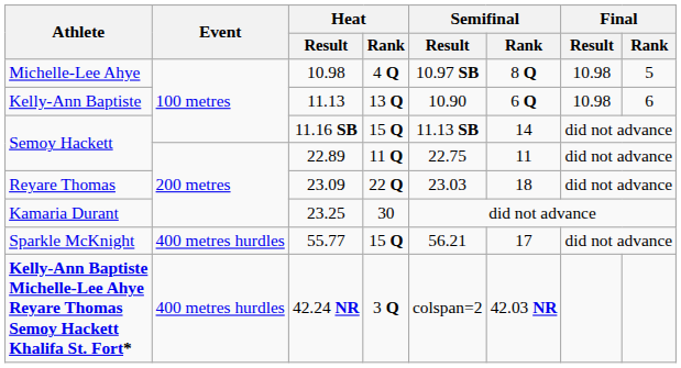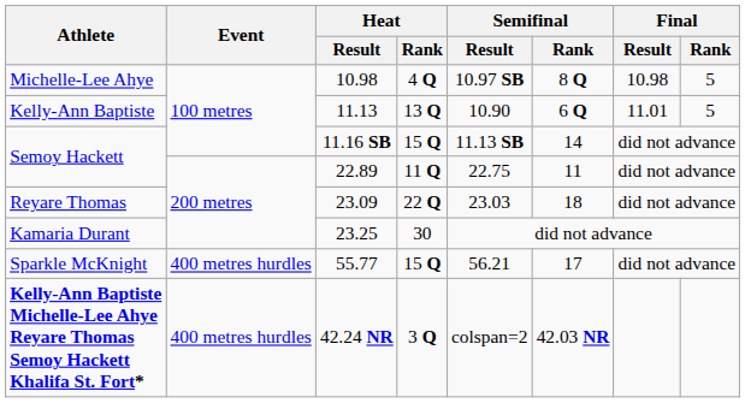 <table class="wikitable" style="font-size:90%">
 <tr>
 <th rowspan="2">Athlete</th>
 <th rowspan="2">Event</th>
 <th colspan="2">Heat</th>
 <th colspan="2">Semifinal</th>
 <th colspan="2">Final</th>
 </tr>
 <tr style="font-size:95%">
 <th>Result</th>
 <th>Rank</th>
 <th>Result</th>
 <th>Rank</th>
 <th>Result</th>
 <th>Rank</th>
 </tr>
 <tr style=text-align:center>
 <td style=text-align:left><a href='#'>Michelle-Lee Ahye</a></td>
 <td rowspan=3 style=text-align:left><a href='#'>100 metres</a></td>
 <td>10.98</td>
 <td>4 <strong>Q</strong></td>
 <td>10.97 <strong>SB</strong></td>
 <td>8 <strong>Q</strong></td>
 <td>10.98</td>
 <td>5</td>
 </tr>
 <tr style=text-align:center>
 <td style=text-align:left><a href='#'>Kelly-Ann Baptiste</a></td>
 <td>11.13</td>
 <td>13 <strong>Q</strong></td>
 <td>10.90</td>
 <td>6 <strong>Q</strong></td>
-<td>10.98</td>
-<td>6</td>
+<td>11.01</td>
+<td>5</td>
 </tr>
 <tr style=text-align:center>
 <td style=text-align:left rowspan=2><a href='#'>Semoy Hackett</a></td>
 <td>11.16 <strong>SB</strong></td>
 <td>15 <strong>Q</strong></td>
 <td>11.13 <strong>SB</strong></td>
 <td>14</td>
 <td colspan=2>did not advance</td>
 </tr>
 <tr style=text-align:center>
 <td rowspan=3 style=text-align:left><a href='#'>200 metres</a></td>
 <td>22.89</td>
 <td>11 <strong>Q</strong></td>
 <td>22.75</td>
 <td>11</td>
 <td colspan=2>did not advance</td>
 </tr>
 <tr style=text-align:center>
 <td style=text-align:left><a href='#'>Reyare Thomas</a></td>
 <td>23.09</td>
 <td>22 <strong>Q</strong></td>
 <td>23.03</td>
 <td>18</td>
 <td colspan=2>did not advance</td>
 </tr>
 <tr style=text-align:center>
 <td style=text-align:left><a href='#'>Kamaria Durant</a></td>
 <td>23.25</td>
 <td>30</td>
 <td colspan=4>did not advance</td>
 </tr>
 <tr style=text-align:center>
 <td style=text-align:left><a href='#'>Sparkle McKnight</a></td>
 <td style=text-align:left><a href='#'>400 metres hurdles</a></td>
 <td>55.77</td>
 <td>15 <strong>Q</strong></td>
 <td>56.21</td>
 <td>17</td>
 <td colspan=2>did not advance</td>
 </tr>
 <tr style=text-align:center>
 <td style=text-align:left><strong><a href='#'>Kelly-Ann Baptiste</a><br><a href='#'>Michelle-Lee Ahye</a><br><a href='#'>Reyare Thomas</a><br><a href='#'>Semoy Hackett</a><br><a href='#'>Khalifa St. Fort</a>*</strong></td>
 <td style=text-align:left><a href='#'>400 metres hurdles</a></td>
 <td>42.24 <strong><a href='#'>NR</a></strong></td>
 <td>3 <strong>Q</strong></td>
 <td>colspan=2 </td>
 <td>42.03  <strong><a href='#'>NR</a></strong></td>
 <td></td>
 </tr>
 </table>
